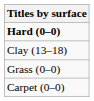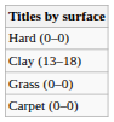 <table class=wikitable style=font-size:97%>
 <tr>
 <th>Titles by surface</th>
 </tr>
 <tr>
-<td><strong>Hard (0–0)</strong></td>
+<td>Hard (0–0)</td>
 </tr>
 <tr>
 <td>Clay (13–18)</td>
 </tr>
 <tr>
 <td>Grass (0–0)</td>
 </tr>
 <tr>
 <td>Carpet (0–0)</td>
 </tr>
 </table>
